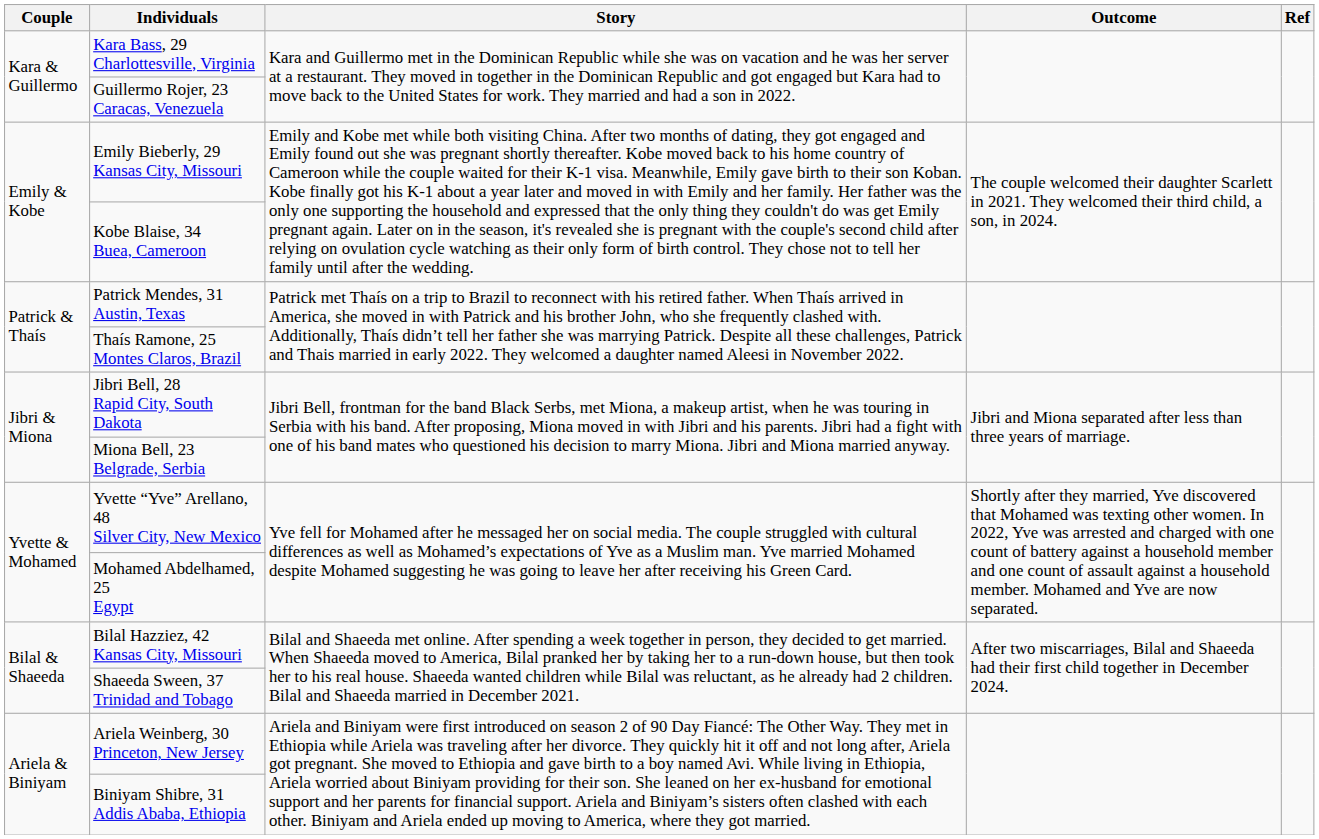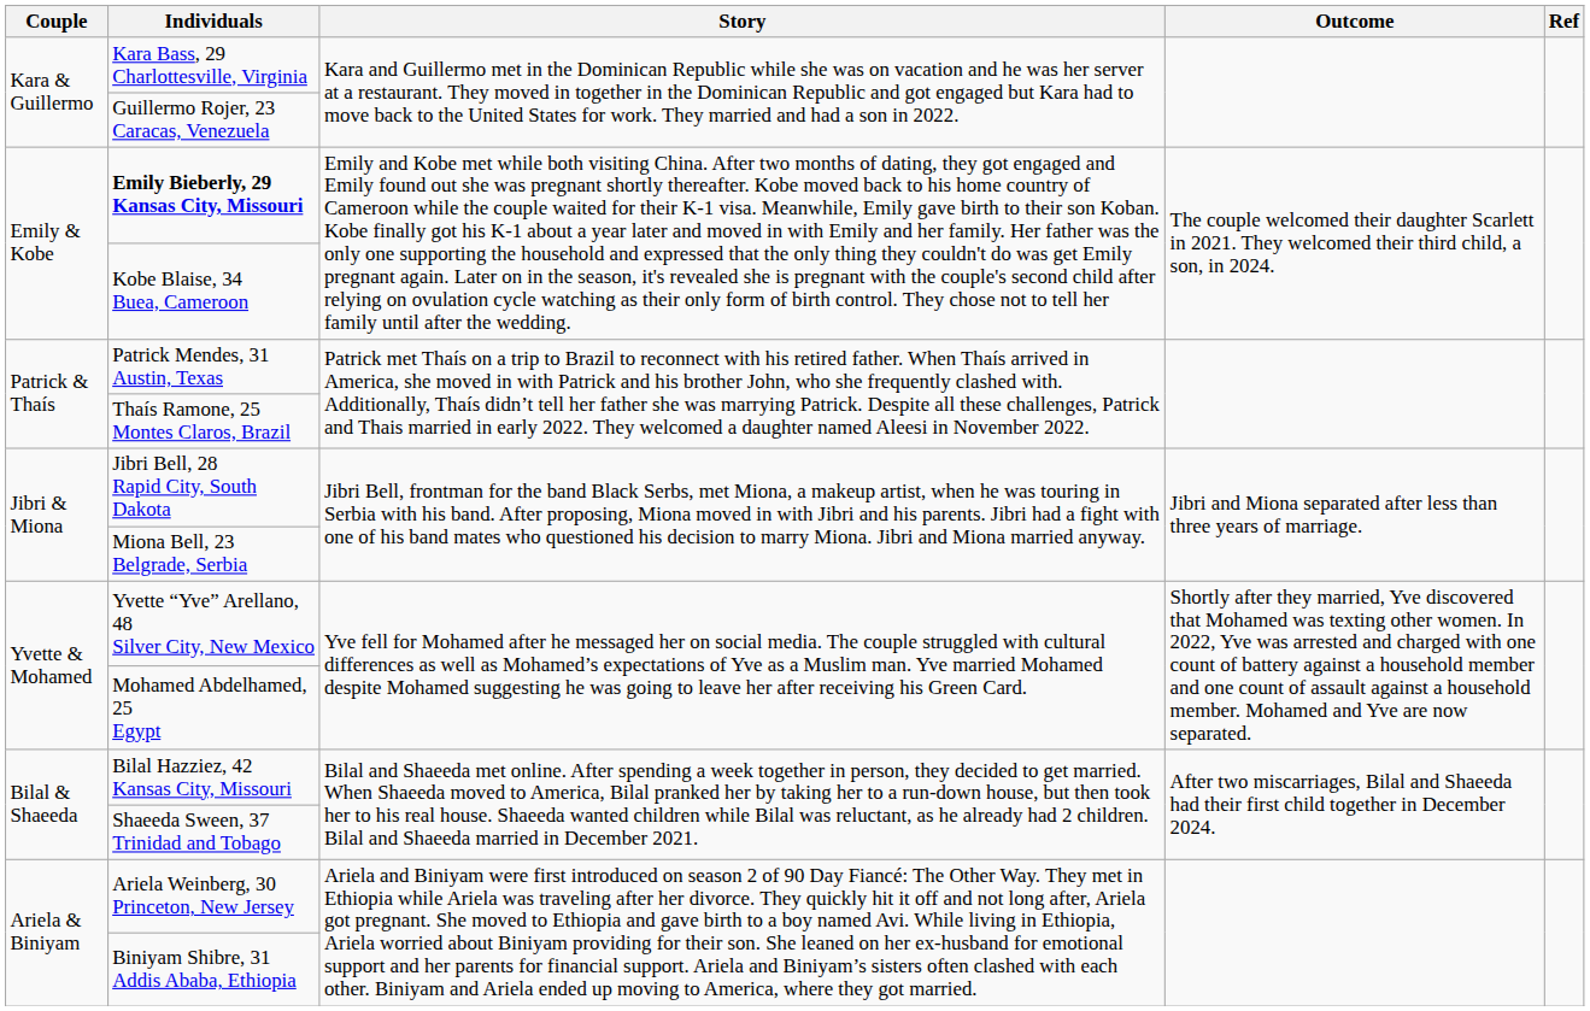 <table class="wikitable sortable">
 <tr>
 <th>Couple</th>
 <th style=width:10em>Individuals</th>
 <th>Story</th>
 <th>Outcome</th>
 <th style=width:1em>Ref</th>
 </tr>
 <tr>
 <td rowspan="2">Kara & Guillermo</td>
 <td><a href='#'>Kara Bass</a>, 29<br><a href='#'>Charlottesville, Virginia</a></td>
 <td rowspan="2">Kara and Guillermo met in the Dominican Republic while she was on vacation and he was her server at a restaurant. They moved in together in the Dominican Republic and got engaged but Kara had to move back to the United States for work. They married and had a son in 2022.</td>
 <td rowspan="2"></td>
 <td rowspan="2"></td>
 </tr>
 <tr>
 <td>Guillermo Rojer, 23<br><a href='#'>Caracas, Venezuela</a></td>
 </tr>
 <tr>
 <td rowspan="2">Emily & Kobe</td>
-<td>Emily Bieberly, 29<br><a href='#'>Kansas City, Missouri</a></td>
+<td><strong>Emily Bieberly, 29<br><a href='#'>Kansas City, Missouri</a></strong></td>
 <td rowspan="2">Emily and Kobe met while both visiting China. After two months of dating, they got engaged and Emily found out she was pregnant shortly thereafter. Kobe moved back to his home country of Cameroon while the couple waited for their K-1 visa. Meanwhile, Emily gave birth to their son Koban. Kobe finally got his K-1 about a year later and moved in with Emily and her family. Her father was the only one supporting the household and expressed that the only thing they couldn't do was get Emily pregnant again. Later on in the season, it's revealed she is pregnant with the couple's second child after relying on ovulation cycle watching as their only form of birth control. They chose not to tell her family until after the wedding.</td>
 <td rowspan="2">The couple welcomed their daughter Scarlett in 2021. They welcomed their third child, a son, in 2024.</td>
 <td rowspan="2"></td>
 </tr>
 <tr>
 <td>Kobe Blaise, 34<br><a href='#'>Buea, Cameroon</a></td>
 </tr>
 <tr>
 <td rowspan="2">Patrick & Thaís</td>
 <td>Patrick Mendes, 31<br><a href='#'>Austin, Texas</a></td>
 <td rowspan="2">Patrick met Thaís on a trip to Brazil to reconnect with his retired father. When Thaís arrived in America, she moved in with Patrick and his brother John, who she frequently clashed with. Additionally, Thaís didn’t tell her father she was marrying Patrick. Despite all these challenges, Patrick and Thais married in early 2022. They welcomed a daughter named Aleesi in November 2022.</td>
 <td rowspan="2"></td>
 <td rowspan="2"></td>
 </tr>
 <tr>
 <td>Thaís Ramone, 25<br><a href='#'>Montes Claros, Brazil</a></td>
 </tr>
 <tr>
 <td rowspan="2">Jibri & Miona</td>
 <td>Jibri Bell, 28<br><a href='#'>Rapid City, South Dakota</a></td>
 <td rowspan="2">Jibri Bell, frontman for the band Black Serbs, met Miona, a makeup artist, when he was touring in Serbia with his band. After proposing, Miona moved in with Jibri and his parents. Jibri had a fight with one of his band mates who questioned his decision to marry Miona. Jibri and Miona married anyway.</td>
 <td rowspan="2">Jibri and Miona separated after less than three years of marriage.</td>
 <td rowspan="2"></td>
 </tr>
 <tr>
 <td>Miona Bell, 23<br><a href='#'>Belgrade, Serbia</a></td>
 </tr>
 <tr>
 <td rowspan="2">Yvette & Mohamed</td>
 <td>Yvette “Yve” Arellano, 48<br><a href='#'>Silver City, New Mexico</a></td>
 <td rowspan="2">Yve fell for Mohamed after he messaged her on social media. The couple  struggled with cultural differences as well as Mohamed’s expectations of Yve as a Muslim man. Yve married Mohamed despite Mohamed suggesting he was going to leave her after receiving his Green Card.</td>
 <td rowspan="2">Shortly after they married, Yve discovered that Mohamed was texting other women. In 2022, Yve was arrested and charged with one count of battery against a household member and one count of assault against a household member. Mohamed and Yve are now separated.</td>
 <td rowspan="2"></td>
 </tr>
 <tr>
 <td>Mohamed Abdelhamed, 25<br><a href='#'>Egypt</a></td>
 </tr>
 <tr>
 <td rowspan="2">Bilal & Shaeeda</td>
 <td>Bilal Hazziez, 42<br><a href='#'>Kansas City, Missouri</a></td>
 <td rowspan="2">Bilal and Shaeeda met online. After spending a week together in person, they decided to get married. When Shaeeda moved to America, Bilal pranked her by taking her to a run-down house, but then took her to his real house. Shaeeda wanted children while Bilal was reluctant, as he already had 2 children. Bilal and Shaeeda married in December 2021.</td>
 <td rowspan="2">After two miscarriages, Bilal and Shaeeda had their first child together in December 2024.</td>
 <td rowspan="2"></td>
 </tr>
 <tr>
 <td>Shaeeda Sween, 37<br><a href='#'>Trinidad and Tobago</a></td>
 </tr>
 <tr>
 <td rowspan="2">Ariela & Biniyam</td>
 <td>Ariela Weinberg, 30<br><a href='#'>Princeton, New Jersey</a></td>
 <td rowspan="2">Ariela and Biniyam were first introduced on season 2 of 90 Day Fiancé: The Other Way. They met in Ethiopia while Ariela was traveling after her divorce. They quickly hit it off and not long after, Ariela got pregnant. She moved to Ethiopia and gave birth to a boy named Avi. While living in Ethiopia, Ariela worried about Biniyam providing for their son. She leaned on her ex-husband for emotional support and her parents for financial support. Ariela and Biniyam’s sisters often clashed with each other. Biniyam and Ariela ended up moving to America, where they got married.</td>
 <td rowspan="2"></td>
 <td rowspan="2"></td>
 </tr>
 <tr>
 <td>Biniyam Shibre, 31<br><a href='#'>Addis Ababa, Ethiopia</a></td>
 </tr>
 </table>
